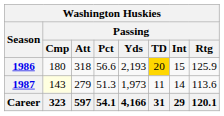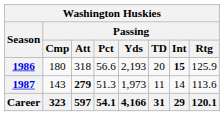 <table class="wikitable" style="text-align:center;">
 <tr>
 <th colspan="15">Washington Huskies</th>
 </tr>
 <tr>
 <th rowspan="2">Season</th>
 <th colspan="7">Passing</th>
 </tr>
 <tr>
 <th>Cmp</th>
 <th>Att</th>
 <th>Pct</th>
 <th>Yds</th>
 <th>TD</th>
 <th>Int</th>
 <th>Rtg</th>
 </tr>
 <tr>
 <th><a href='#'>1986</a></th>
 <td>180</td>
 <td>318</td>
 <td>56.6</td>
 <td>2,193</td>
-<td style="background: gold;">20</td>
-<td>15</td>
+<td>20</td>
+<td><strong>15</strong></td>
 <td>125.9</td>
 </tr>
 <tr>
 <th><a href='#'>1987</a></th>
-<td style="background: lightyellow;">143</td>
-<td>279</td>
+<td>143</td>
+<td><strong>279</strong></td>
 <td>51.3</td>
 <td>1,973</td>
 <td>11</td>
 <td>14</td>
 <td>113.6</td>
 </tr>
 <tr>
 <th>Career</th>
 <th>323</th>
 <th>597</th>
 <th>54.1</th>
 <th>4,166</th>
 <th>31</th>
 <th>29</th>
 <th>120.1</th>
 </tr>
 </table>
